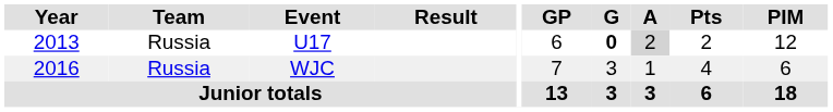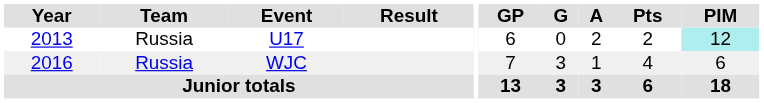 <table border="0" cellpadding="1" cellspacing="0" ID="Table3" style="text-align:center; width:40em">
 <tr ALIGN="center" bgcolor="#e0e0e0">
 <th>Year</th>
 <th>Team</th>
 <th>Event</th>
 <th>Result</th>
 <th rowspan="99" bgcolor="#ffffff"></th>
 <th>GP</th>
 <th>G</th>
 <th>A</th>
 <th>Pts</th>
 <th>PIM</th>
 </tr>
 <tr>
 <td><a href='#'>2013</a></td>
 <td>Russia</td>
 <td><a href='#'>U17</a></td>
 <td></td>
 <td>6</td>
-<td><strong>0</strong></td>
-<td style="background: lightgrey;">2</td>
+<td>0</td>
 <td>2</td>
-<td>12</td>
+<td>2</td>
+<td style="background: paleturquoise;">12</td>
 </tr>
 <tr bgcolor="#f0f0f0">
 <td><a href='#'>2016</a></td>
 <td><a href='#'>Russia</a></td>
 <td><a href='#'>WJC</a></td>
 <td></td>
 <td>7</td>
 <td>3</td>
 <td>1</td>
 <td>4</td>
 <td>6</td>
 </tr>
 <tr bgcolor="#e0e0e0">
 <th colspan="4">Junior totals</th>
 <th>13</th>
 <th>3</th>
 <th>3</th>
 <th>6</th>
 <th>18</th>
 </tr>
 </table>
